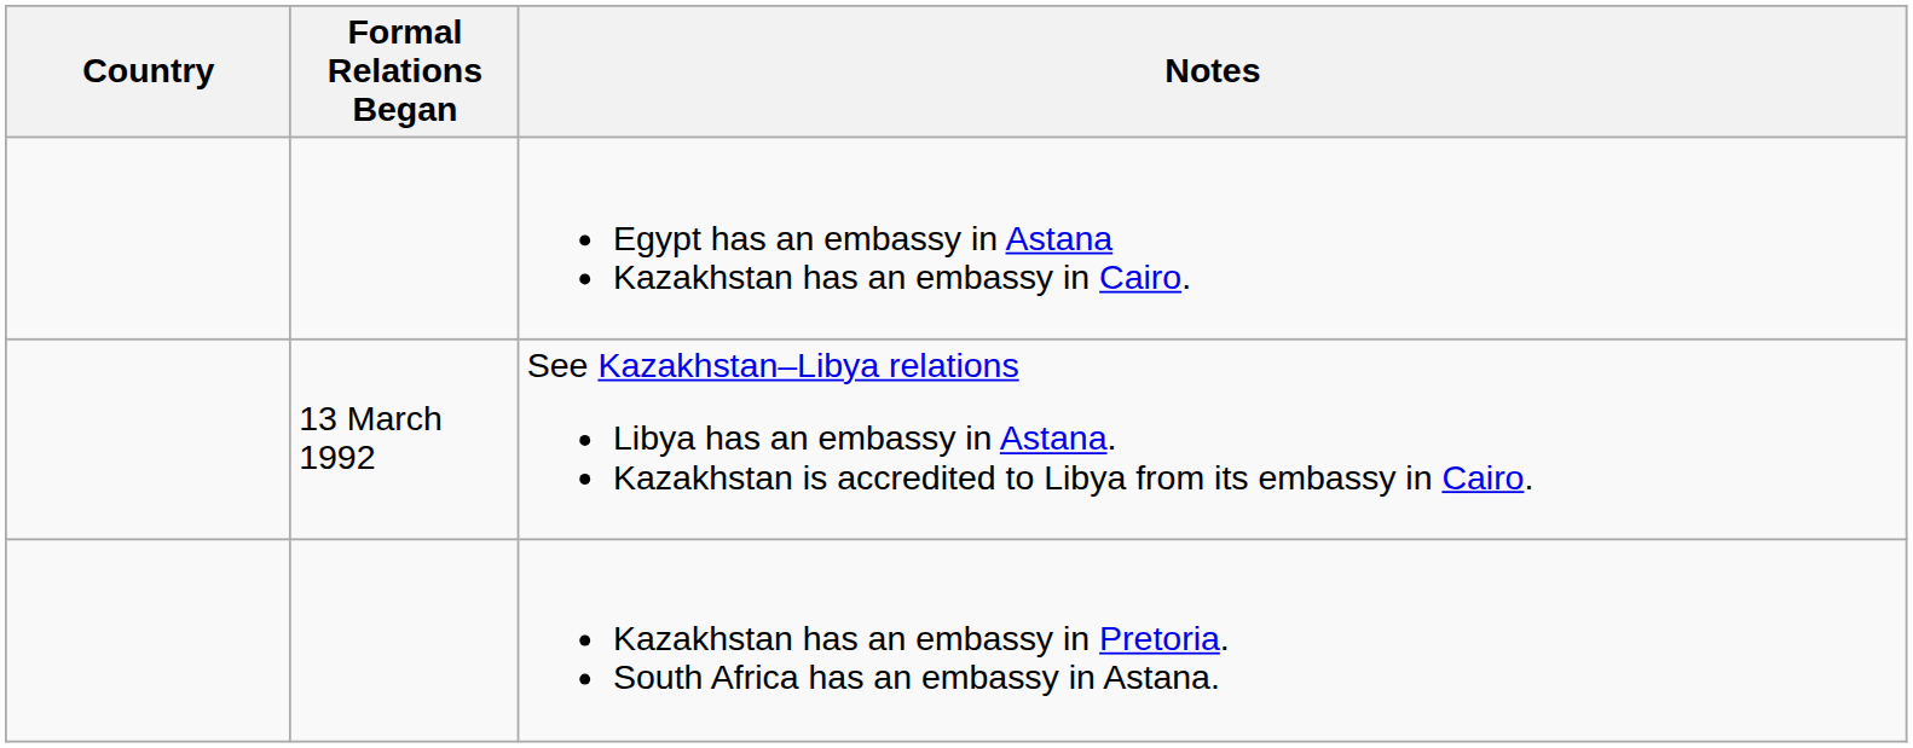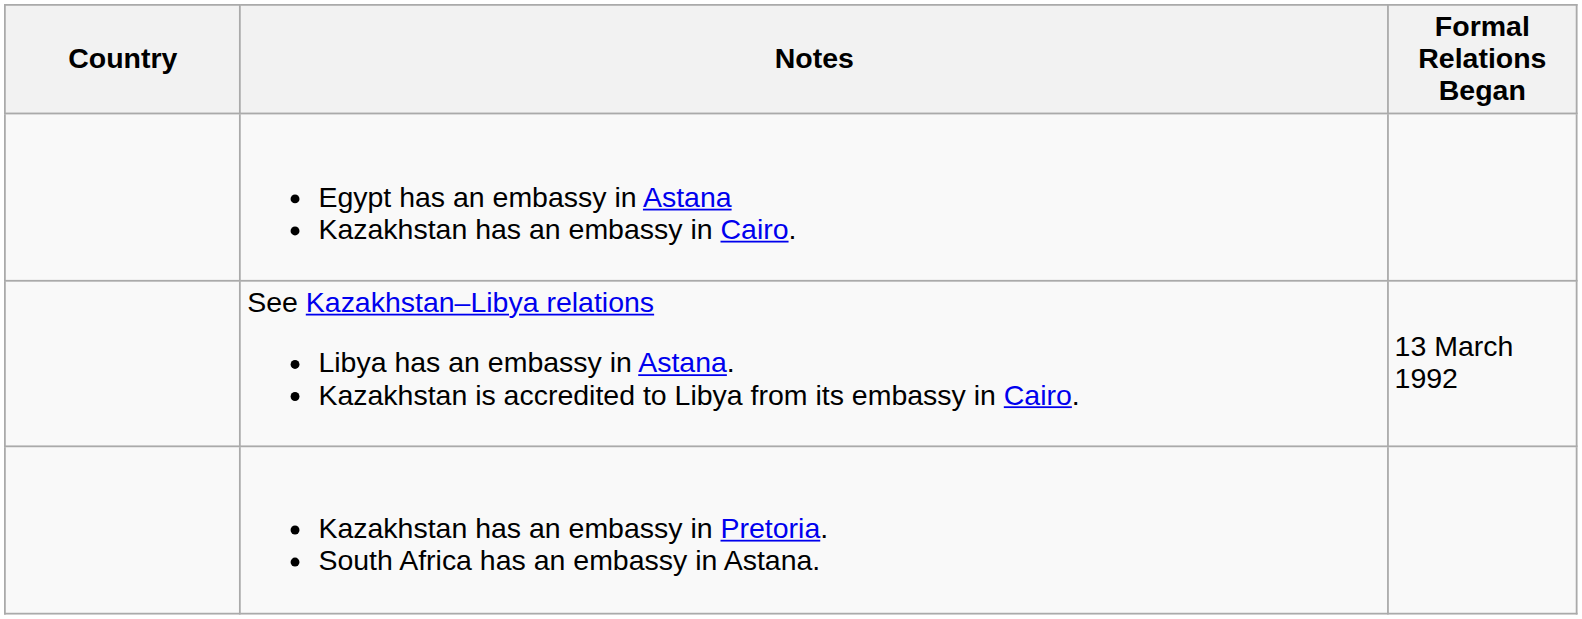 <table class="wikitable sortable" border="1" style="width:100%; margin:auto;">
 <tr>
 <th width="15%">Country</th>
+<th>Notes</th>
 <th width="12%">Formal Relations Began</th>
-<th>Notes</th>
 </tr>
 <tr -valign="top">
 <td></td>
+<td><br><ul><li>Egypt has an embassy in <a href='#'>Astana</a></li><li>Kazakhstan has an embassy in <a href='#'>Cairo</a>.</li></ul></td>
 <td></td>
-<td><br><ul><li>Egypt has an embassy in <a href='#'>Astana</a></li><li>Kazakhstan has an embassy in <a href='#'>Cairo</a>.</li></ul></td>
 </tr>
 <tr -valign="top">
 <td></td>
+<td>See <a href='#'>Kazakhstan–Libya relations</a><br><ul><li>Libya has an embassy in <a href='#'>Astana</a>.</li><li>Kazakhstan is accredited to Libya from its embassy in <a href='#'>Cairo</a>.</li></ul></td>
 <td>13 March 1992</td>
-<td>See <a href='#'>Kazakhstan–Libya relations</a><br><ul><li>Libya has an embassy in <a href='#'>Astana</a>.</li><li>Kazakhstan is accredited to Libya from its embassy in <a href='#'>Cairo</a>.</li></ul></td>
 </tr>
 <tr -valign="top">
 <td></td>
+<td><br><ul><li>Kazakhstan has an embassy in <a href='#'>Pretoria</a>.</li><li>South Africa has an embassy in Astana.</li></ul></td>
 <td></td>
-<td><br><ul><li>Kazakhstan has an embassy in <a href='#'>Pretoria</a>.</li><li>South Africa has an embassy in Astana.</li></ul></td>
 </tr>
 </table>
